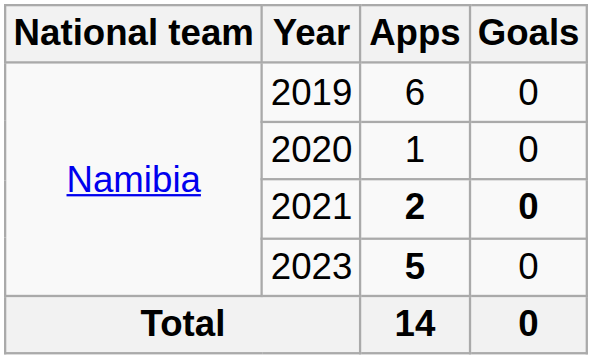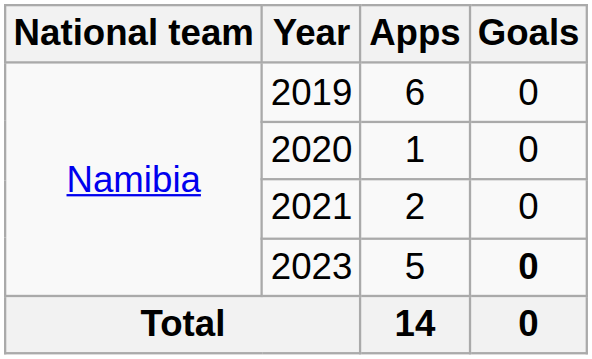 <table class=wikitable style=text-align:center>
 <tr>
 <th>National team</th>
 <th>Year</th>
 <th>Apps</th>
 <th>Goals</th>
 </tr>
 <tr>
 <td rowspan="4"><a href='#'>Namibia</a></td>
 <td>2019</td>
 <td>6</td>
 <td>0</td>
 </tr>
 <tr>
 <td>2020</td>
 <td>1</td>
 <td>0</td>
 </tr>
 <tr>
 <td>2021</td>
-<td><strong>2</strong></td>
-<td><strong>0</strong></td>
+<td>2</td>
+<td>0</td>
 </tr>
 <tr>
 <td>2023</td>
-<td><strong>5</strong></td>
-<td>0</td>
+<td>5</td>
+<td><strong>0</strong></td>
 </tr>
 <tr>
 <th colspan="2">Total</th>
 <th>14</th>
 <th>0</th>
 </tr>
 </table>
